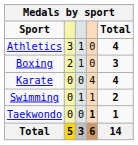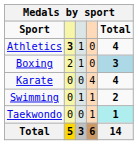 <table class="wikitable" style="font-size:85%; text-align:center;">
 <tr style="background:#efefef;">
 <th colspan=5><strong>Medals by sport</strong></th>
 </tr>
 <tr>
 <td><strong>Sport</strong></td>
 <td style="background:#f7f6a8;"></td>
 <td style="background:#dce5e5;"></td>
 <td style="background:#ffdab9;"></td>
 <td><strong>Total</strong></td>
 </tr>
 <tr>
 <td><a href='#'>Athletics</a></td>
-<td style="background:#F7F6A8;">3</td>
+<td style="background:#F7F6A8;"><strong>3</strong></td>
 <td style="background:#DCE5E5;">1</td>
 <td style="background:#FFDAB9;">0</td>
 <td><strong>4</strong></td>
 </tr>
 <tr>
 <td><a href='#'>Boxing</a></td>
 <td style="background:#F7F6A8;">2</td>
 <td style="background:#DCE5E5;">1</td>
 <td style="background:#FFDAB9;">0</td>
-<td><strong>3</strong></td>
+<td style="background: lightblue;"><strong>3</strong></td>
 </tr>
 <tr>
 <td><a href='#'>Karate</a></td>
 <td style="background:#F7F6A8;">0</td>
 <td style="background:#DCE5E5;">0</td>
 <td style="background:#FFDAB9;">4</td>
 <td><strong>4</strong></td>
 </tr>
 <tr>
 <td><a href='#'>Swimming</a></td>
 <td style="background:#F7F6A8;">0</td>
 <td style="background:#DCE5E5;">1</td>
 <td style="background:#FFDAB9;">1</td>
 <td><strong>2</strong></td>
 </tr>
 <tr>
 <td><a href='#'>Taekwondo</a></td>
 <td style="background:#F7F6A8;">0</td>
 <td style="background:#DCE5E5;">0</td>
-<td style="background:#FFDAB9;"><strong>1</strong></td>
-<td><strong>1</strong></td>
+<td style="background:#FFDAB9;">1</td>
+<td style="background: paleturquoise;"><strong>1</strong></td>
 </tr>
 <tr>
 <th>Total</th>
 <th style="background:gold;"  >5</th>
 <th style="background:silver;">3</th>
 <th style="background:#c96;"  >6</th>
 <th>14</th>
 </tr>
 </table>
